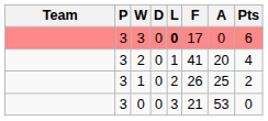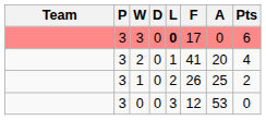 <table class="wikitable" style="text-align:center;">
 <tr>
 <th width="120px">Team</th>
 <th>P</th>
 <th>W</th>
 <th>D</th>
 <th>L</th>
 <th width="23px">F</th>
 <th width="23px">A</th>
 <th width="23px">Pts</th>
 </tr>
 <tr bgcolor="#FF8888">
 <td></td>
 <td>3</td>
 <td>3</td>
 <td>0</td>
 <td><strong>0</strong></td>
 <td>17</td>
 <td>0</td>
 <td>6</td>
 </tr>
 <tr>
 <td></td>
 <td>3</td>
 <td>2</td>
 <td>0</td>
 <td>1</td>
 <td>41</td>
 <td>20</td>
 <td>4</td>
 </tr>
 <tr>
 <td></td>
 <td>3</td>
 <td>1</td>
 <td>0</td>
 <td>2</td>
 <td>26</td>
 <td>25</td>
 <td>2</td>
 </tr>
 <tr>
 <td></td>
 <td>3</td>
 <td>0</td>
 <td>0</td>
 <td>3</td>
-<td>21</td>
+<td>12</td>
 <td>53</td>
 <td>0</td>
 </tr>
 </table>
